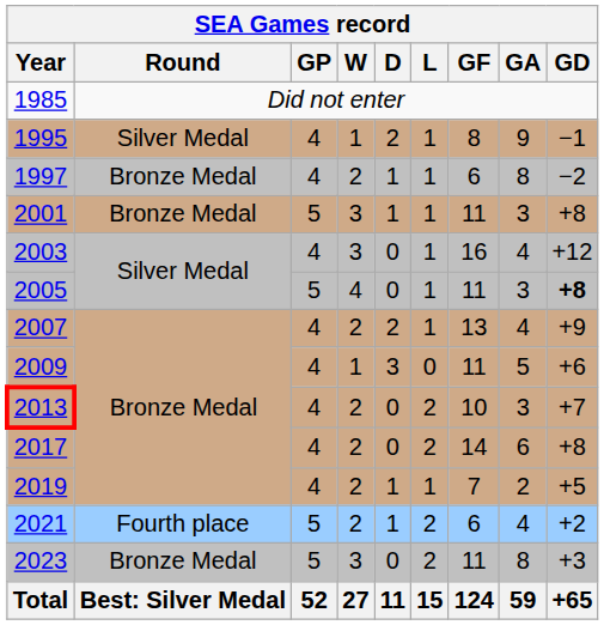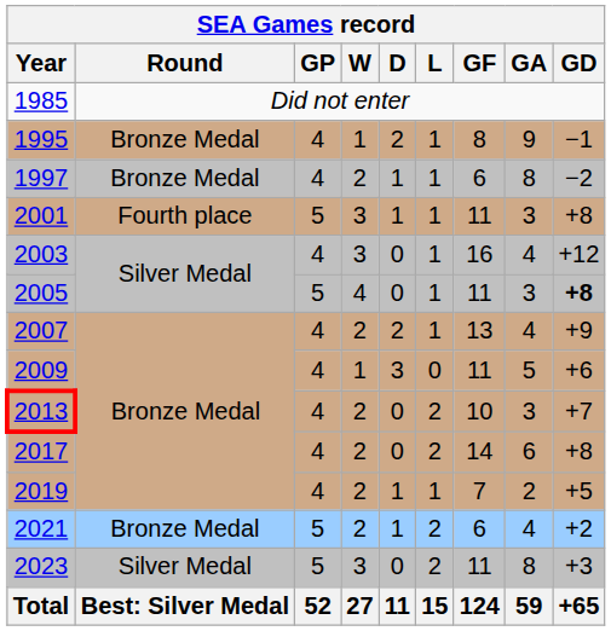 <table class="wikitable" style="text-align: center;">
 <tr>
 <th colspan=9><a href='#'>SEA Games</a> record</th>
 </tr>
 <tr>
 <th>Year</th>
 <th>Round</th>
 <th>GP</th>
 <th>W</th>
 <th>D</th>
 <th>L</th>
 <th>GF</th>
 <th>GA</th>
 <th>GD</th>
 </tr>
 <tr>
 <td> <a href='#'>1985</a></td>
 <td colspan=8><em>Did not enter</em></td>
 </tr>
 <tr style="background:#cfaa88;">
 <td> <a href='#'>1995</a></td>
-<td>Silver Medal</td>
+<td>Bronze Medal</td>
 <td>4</td>
 <td>1</td>
 <td>2</td>
 <td>1</td>
 <td>8</td>
 <td>9</td>
 <td>−1</td>
 </tr>
 <tr style="background:Silver;">
 <td> <a href='#'>1997</a></td>
 <td>Bronze Medal</td>
 <td>4</td>
 <td>2</td>
 <td>1</td>
 <td>1</td>
 <td>6</td>
 <td>8</td>
 <td>−2</td>
 </tr>
 <tr style="background:#cfaa88;">
 <td> <a href='#'>2001</a></td>
-<td>Bronze Medal</td>
+<td>Fourth place</td>
 <td>5</td>
 <td>3</td>
 <td>1</td>
 <td>1</td>
 <td>11</td>
 <td>3</td>
 <td>+8</td>
 </tr>
 <tr style="background:Silver;">
 <td> <a href='#'>2003</a></td>
 <td rowspan=2>Silver Medal</td>
 <td>4</td>
 <td>3</td>
 <td>0</td>
 <td>1</td>
 <td>16</td>
 <td>4</td>
 <td>+12</td>
 </tr>
 <tr style="background:Silver;">
 <td> <a href='#'>2005</a></td>
 <td>5</td>
 <td>4</td>
 <td>0</td>
 <td>1</td>
 <td>11</td>
 <td>3</td>
 <td><strong>+8</strong></td>
 </tr>
 <tr style="background:#cfaa88;">
 <td> <a href='#'>2007</a></td>
 <td rowspan=5>Bronze Medal</td>
 <td>4</td>
 <td>2</td>
 <td>2</td>
 <td>1</td>
 <td>13</td>
 <td>4</td>
 <td>+9</td>
 </tr>
 <tr style="background:#cfaa88;">
 <td> <a href='#'>2009</a></td>
 <td>4</td>
 <td>1</td>
 <td>3</td>
 <td>0</td>
 <td>11</td>
 <td>5</td>
 <td>+6</td>
 </tr>
 <tr style="background:#cfaa88;">
 <td style="border: 3px solid red"> <a href='#'>2013</a></td>
 <td>4</td>
 <td>2</td>
 <td>0</td>
 <td>2</td>
 <td>10</td>
 <td>3</td>
 <td>+7</td>
 </tr>
 <tr style="background:#cfaa88;">
 <td> <a href='#'>2017</a></td>
 <td>4</td>
 <td>2</td>
 <td>0</td>
 <td>2</td>
 <td>14</td>
 <td>6</td>
 <td>+8</td>
 </tr>
 <tr style="background:#cfaa88;">
 <td> <a href='#'>2019</a></td>
 <td>4</td>
 <td>2</td>
 <td>1</td>
 <td>1</td>
 <td>7</td>
 <td>2</td>
 <td>+5</td>
 </tr>
 <tr style="background:#9acdff;">
 <td> <a href='#'>2021</a></td>
-<td>Fourth place</td>
+<td>Bronze Medal</td>
 <td>5</td>
 <td>2</td>
 <td>1</td>
 <td>2</td>
 <td>6</td>
 <td>4</td>
 <td>+2</td>
 </tr>
 <tr style="background:Silver;">
 <td> <a href='#'>2023</a></td>
-<td>Bronze Medal</td>
+<td>Silver Medal</td>
 <td>5</td>
 <td>3</td>
 <td>0</td>
 <td>2</td>
 <td>11</td>
 <td>8</td>
 <td>+3</td>
 </tr>
 <tr>
 <th><strong>Total</strong></th>
 <th><strong>Best: Silver Medal</strong></th>
 <th>52</th>
 <th>27</th>
 <th>11</th>
 <th>15</th>
 <th>124</th>
 <th>59</th>
 <th>+65</th>
 </tr>
 </table>
